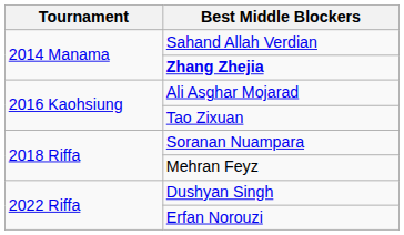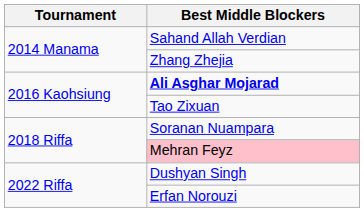 <table class=wikitable style="width: 400px;">
 <tr>
 <th style="width: 40%;">Tournament</th>
 <th style="width: 60%;">Best Middle Blockers</th>
 </tr>
 <tr>
 <td rowspan=2><a href='#'>2014 Manama</a></td>
 <td> <a href='#'>Sahand Allah Verdian</a></td>
 </tr>
 <tr>
-<td><strong> <a href='#'>Zhang Zhejia</a></strong></td>
+<td> <a href='#'>Zhang Zhejia</a></td>
 </tr>
 <tr>
 <td rowspan=2><a href='#'>2016 Kaohsiung</a></td>
-<td> <a href='#'>Ali Asghar Mojarad</a></td>
+<td><strong> <a href='#'>Ali Asghar Mojarad</a></strong></td>
 </tr>
 <tr>
 <td> <a href='#'>Tao Zixuan</a></td>
 </tr>
 <tr>
 <td rowspan=2><a href='#'>2018 Riffa</a></td>
 <td> <a href='#'>Soranan Nuampara</a></td>
 </tr>
 <tr>
-<td> Mehran Feyz</td>
+<td style="background: pink;"> Mehran Feyz</td>
 </tr>
 <tr>
 <td rowspan=2><a href='#'>2022 Riffa</a></td>
 <td> <a href='#'>Dushyan Singh</a></td>
 </tr>
 <tr>
 <td> <a href='#'>Erfan Norouzi</a></td>
 </tr>
 </table>
